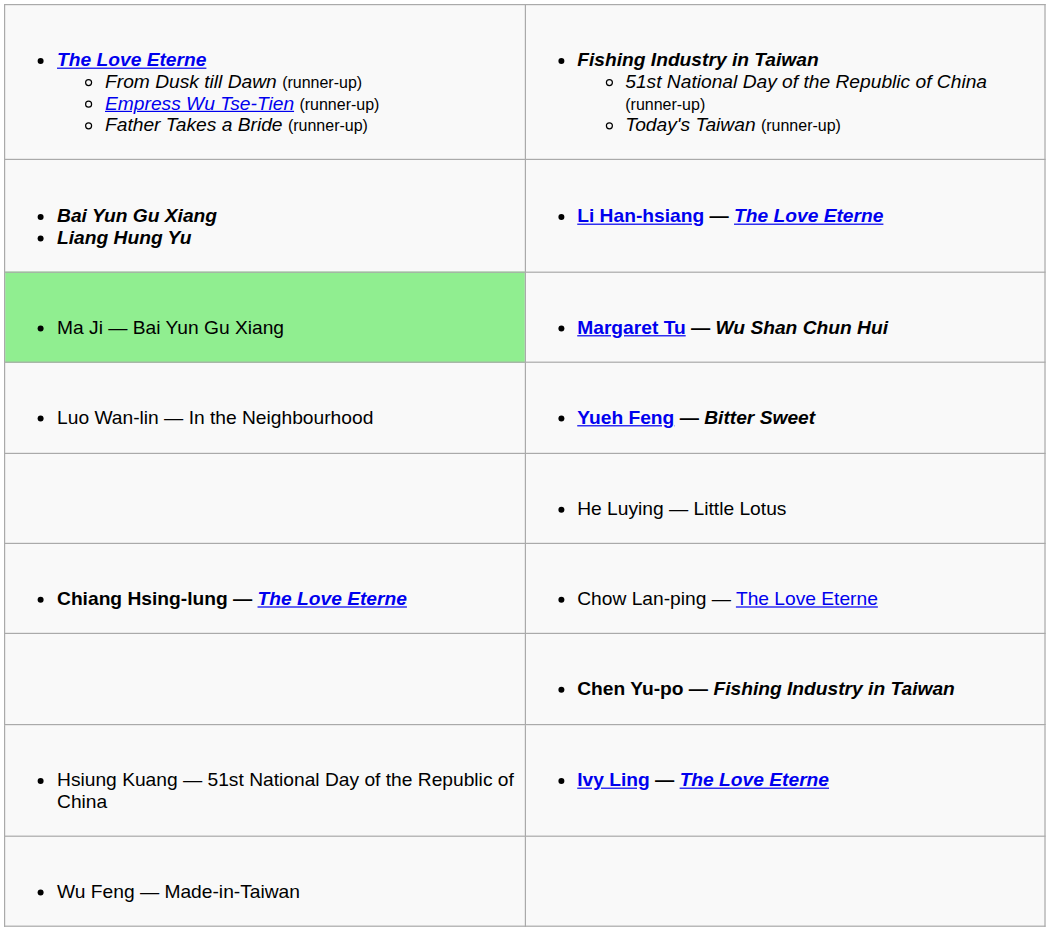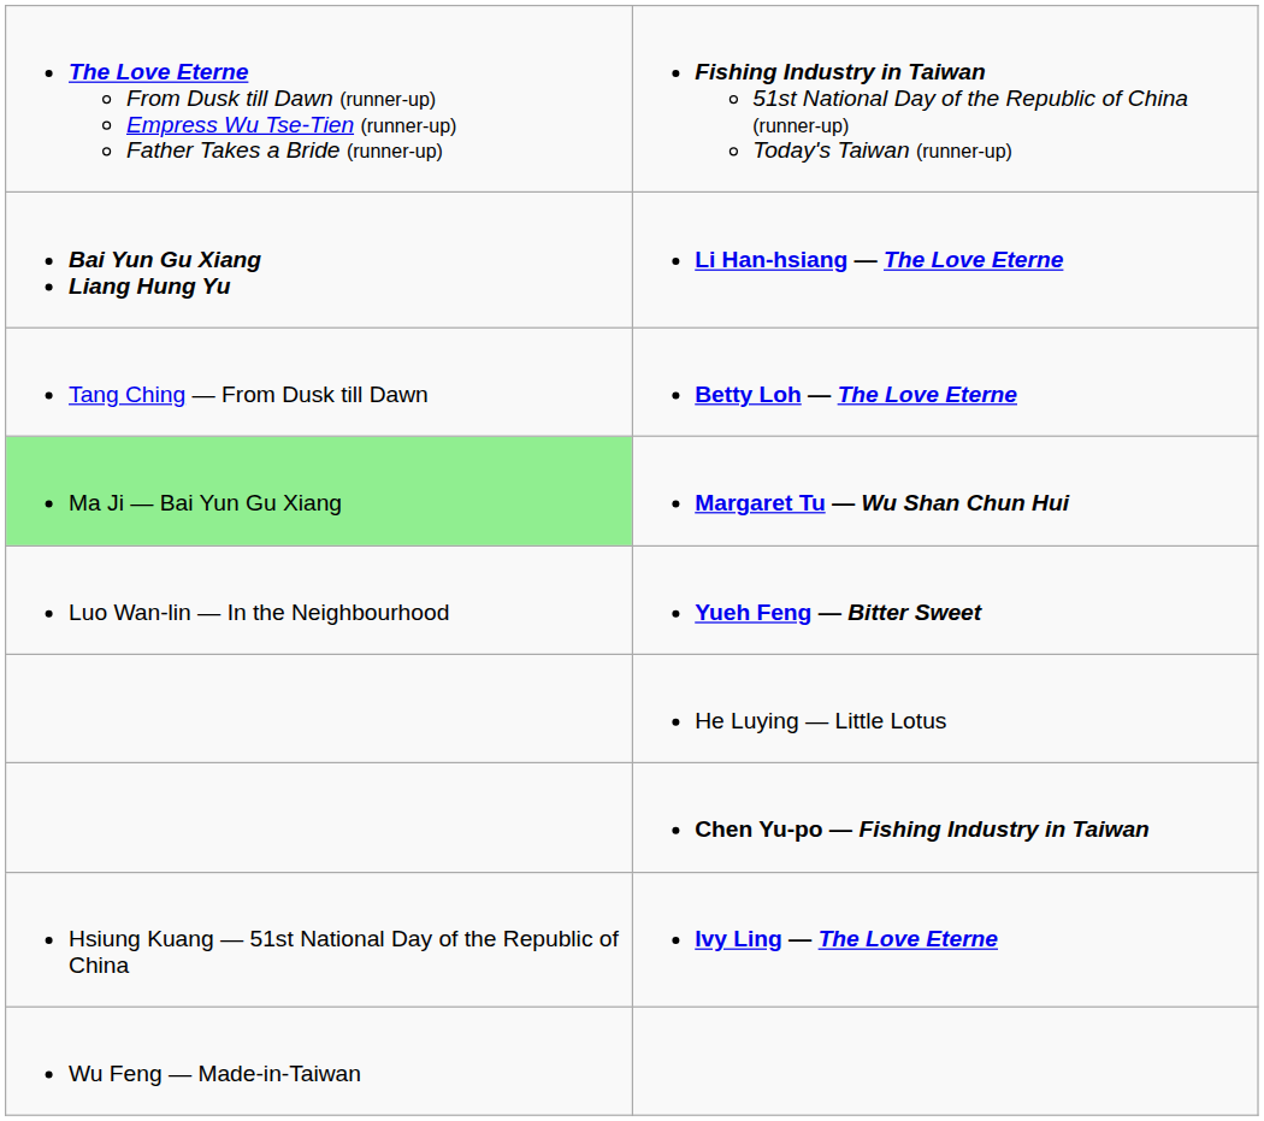 <table class=wikitable>
 <tr>
 <td valign="top" width="50%"><br><ul><li><strong><em><a href='#'>The Love Eterne</a></em></strong><ul><li><em>From Dusk till Dawn</em> <small>(runner-up)</small></li><li><em><a href='#'>Empress Wu Tse-Tien</a></em> <small>(runner-up)</small></li><li><em>Father Takes a Bride</em> <small>(runner-up)</small></li></ul></li></ul></td>
 <td valign="top" width="50%"><br><ul><li><strong><em>Fishing Industry in Taiwan</em></strong><ul><li><em>51st National Day of the Republic of China</em> <small>(runner-up)</small></li><li><em>Today's Taiwan</em> <small>(runner-up)</small></li></ul></li></ul></td>
 </tr>
 <tr>
 <td valign="top" width="50%"><br><ul><li><strong><em>Bai Yun Gu Xiang</em></strong></li><li><strong><em> Liang Hung Yu</em></strong></li></ul></td>
 <td valign="top" width="50%"><br><ul><li><strong><a href='#'>Li Han-hsiang</a> — <em><a href='#'>The Love Eterne</a><strong><em></li></ul></td>
+</tr>
+<tr>
+<td valign="top" width="50%"><br><ul><li></strong><a href='#'>Tang Ching</a> — </em>From Dusk till Dawn</em></strong></li></ul></td>
+<td valign="top" width="50%"><br><ul><li><strong><a href='#'>Betty Loh</a> — <em><a href='#'>The Love Eterne</a><strong><em></li></ul></td>
 </tr>
 <tr>
 <td valign="top" width="50%" style="background: lightgreen;"><br><ul><li></strong>Ma Ji — </em>Bai Yun Gu Xiang</em></strong></li></ul></td>
 <td valign="top" width="50%"><br><ul><li><strong><a href='#'>Margaret Tu</a> — <em>Wu Shan Chun Hui<strong><em></li></ul></td>
 </tr>
 <tr>
 <td valign="top" width="50%"><br><ul><li></strong>Luo Wan-lin — </em>In the Neighbourhood</em></strong></li></ul></td>
 <td valign="top" width="50%"><br><ul><li><strong><a href='#'>Yueh Feng</a> — <em>Bitter Sweet<strong><em></li></ul></td>
 </tr>
 <tr>
 <td valign="top" width="50%"><br> </td>
 <td valign="top" width="50%"><br><ul><li></strong>He Luying — </em>Little Lotus</em></strong></li></ul></td>
 </tr>
 <tr>
-<td valign="top" width="50%"><br><ul><li><strong>Chiang Hsing-lung — <em><a href='#'>The Love Eterne</a><strong><em></li></ul></td>
-<td valign="top" width="50%"><br><ul><li></strong>Chow Lan-ping — </em><a href='#'>The Love Eterne</a></em></strong></li></ul></td>
-</tr>
-<tr>
 <td valign="top" width="50%"><br> </td>
 <td valign="top" width="50%"><br><ul><li><strong>Chen Yu-po — <em>Fishing Industry in Taiwan<strong><em></li></ul></td>
 </tr>
 <tr>
 <td valign="top" width="50%"><br><ul><li></strong>Hsiung Kuang  — </em>51st National Day of the Republic of China</em></strong></li></ul></td>
 <td valign="top" width="50%"><br><ul><li><strong><a href='#'>Ivy Ling</a> — <em><a href='#'>The Love Eterne</a><strong><em></li></ul></td>
 </tr>
 <tr>
 <td valign="top" width="50%"><br><ul><li></strong>Wu Feng  — </em>Made-in-Taiwan</em></strong></li></ul></td>
 </tr>
 </table>
